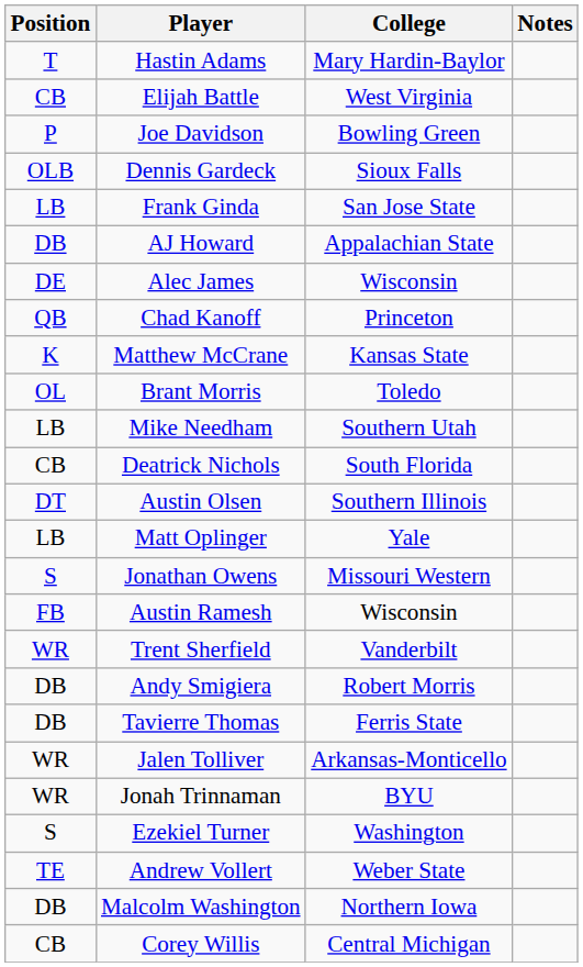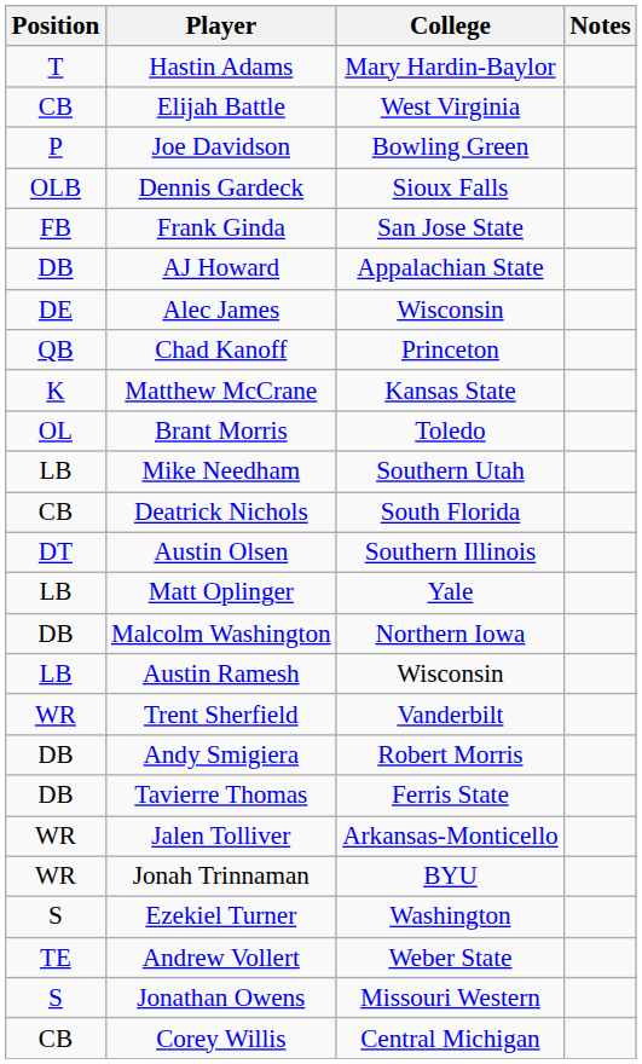 <table class="wikitable" style="text-align:center">
 <tr>
 <th>Position</th>
 <th>Player</th>
 <th>College</th>
 <th>Notes</th>
 </tr>
 <tr>
 <td><a href='#'>T</a></td>
 <td><a href='#'>Hastin Adams</a></td>
 <td><a href='#'>Mary Hardin-Baylor</a></td>
 <td></td>
 </tr>
 <tr>
 <td><a href='#'>CB</a></td>
 <td><a href='#'>Elijah Battle</a></td>
 <td><a href='#'>West Virginia</a></td>
 <td></td>
 </tr>
 <tr>
 <td><a href='#'>P</a></td>
 <td><a href='#'>Joe Davidson</a></td>
 <td><a href='#'>Bowling Green</a></td>
 <td></td>
 </tr>
 <tr>
 <td><a href='#'>OLB</a></td>
 <td><a href='#'>Dennis Gardeck</a></td>
 <td><a href='#'>Sioux Falls</a></td>
 <td></td>
 </tr>
 <tr>
-<td><a href='#'>LB</a></td>
+<td><a href='#'>FB</a></td>
 <td><a href='#'>Frank Ginda</a></td>
 <td><a href='#'>San Jose State</a></td>
 <td></td>
 </tr>
 <tr>
 <td><a href='#'>DB</a></td>
 <td><a href='#'>AJ Howard</a></td>
 <td><a href='#'>Appalachian State</a></td>
 <td></td>
 </tr>
 <tr>
 <td><a href='#'>DE</a></td>
 <td><a href='#'>Alec James</a></td>
 <td><a href='#'>Wisconsin</a></td>
 <td></td>
 </tr>
 <tr>
 <td><a href='#'>QB</a></td>
 <td><a href='#'>Chad Kanoff</a></td>
 <td><a href='#'>Princeton</a></td>
 <td></td>
 </tr>
 <tr>
 <td><a href='#'>K</a></td>
 <td><a href='#'>Matthew McCrane</a></td>
 <td><a href='#'>Kansas State</a></td>
 <td></td>
 </tr>
 <tr>
 <td><a href='#'>OL</a></td>
 <td><a href='#'>Brant Morris</a></td>
 <td><a href='#'>Toledo</a></td>
 <td></td>
 </tr>
 <tr>
 <td>LB</td>
 <td><a href='#'>Mike Needham</a></td>
 <td><a href='#'>Southern Utah</a></td>
 <td></td>
 </tr>
 <tr>
 <td>CB</td>
 <td><a href='#'>Deatrick Nichols</a></td>
 <td><a href='#'>South Florida</a></td>
 <td></td>
 </tr>
 <tr>
 <td><a href='#'>DT</a></td>
 <td><a href='#'>Austin Olsen</a></td>
 <td><a href='#'>Southern Illinois</a></td>
 <td></td>
 </tr>
 <tr>
 <td>LB</td>
 <td><a href='#'>Matt Oplinger</a></td>
 <td><a href='#'>Yale</a></td>
 <td></td>
 </tr>
 <tr>
-<td><a href='#'>S</a></td>
-<td><a href='#'>Jonathan Owens</a></td>
-<td><a href='#'>Missouri Western</a></td>
+<td>DB</td>
+<td><a href='#'>Malcolm Washington</a></td>
+<td><a href='#'>Northern Iowa</a></td>
 <td></td>
 </tr>
 <tr>
-<td><a href='#'>FB</a></td>
+<td><a href='#'>LB</a></td>
 <td><a href='#'>Austin Ramesh</a></td>
 <td>Wisconsin</td>
 <td></td>
 </tr>
 <tr>
 <td><a href='#'>WR</a></td>
 <td><a href='#'>Trent Sherfield</a></td>
 <td><a href='#'>Vanderbilt</a></td>
 <td></td>
 </tr>
 <tr>
 <td>DB</td>
 <td><a href='#'>Andy Smigiera</a></td>
 <td><a href='#'>Robert Morris</a></td>
 <td></td>
 </tr>
 <tr>
 <td>DB</td>
 <td><a href='#'>Tavierre Thomas</a></td>
 <td><a href='#'>Ferris State</a></td>
 <td></td>
 </tr>
 <tr>
 <td>WR</td>
 <td><a href='#'>Jalen Tolliver</a></td>
 <td><a href='#'>Arkansas-Monticello</a></td>
 <td></td>
 </tr>
 <tr>
 <td>WR</td>
 <td>Jonah Trinnaman</td>
 <td><a href='#'>BYU</a></td>
 <td></td>
 </tr>
 <tr>
 <td>S</td>
 <td><a href='#'>Ezekiel Turner</a></td>
 <td><a href='#'>Washington</a></td>
 <td></td>
 </tr>
 <tr>
 <td><a href='#'>TE</a></td>
 <td><a href='#'>Andrew Vollert</a></td>
 <td><a href='#'>Weber State</a></td>
 <td></td>
 </tr>
 <tr>
-<td>DB</td>
-<td><a href='#'>Malcolm Washington</a></td>
-<td><a href='#'>Northern Iowa</a></td>
+<td><a href='#'>S</a></td>
+<td><a href='#'>Jonathan Owens</a></td>
+<td><a href='#'>Missouri Western</a></td>
 <td></td>
 </tr>
 <tr>
 <td>CB</td>
 <td><a href='#'>Corey Willis</a></td>
 <td><a href='#'>Central Michigan</a></td>
 <td></td>
 </tr>
 </table>
